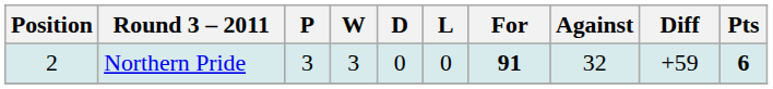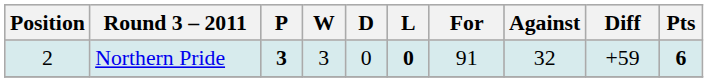 <table class="wikitable" style="text-align:center; font-size:85%;">
 <tr>
 <th width=40 abbr="Position">Position</th>
 <th width=100>Round 3 – 2011</th>
 <th width=20 abbr="Played">P</th>
 <th width=20 abbr="Won">W</th>
 <th width=20 abbr="Drawn">D</th>
 <th width=20 abbr="Lost">L</th>
 <th width=40 abbr="Points for">For</th>
 <th width=40 abbr="Points against">Against</th>
 <th width=40 abbr="Points difference">Diff</th>
 <th width=20 abbr="Points">Pts</th>
 </tr>
 <tr style="background: #d7ebed;">
 <td>2</td>
 <td style="text-align:left;"> <a href='#'>Northern Pride</a></td>
-<td>3</td>
+<td><strong>3</strong></td>
 <td>3</td>
 <td>0</td>
-<td>0</td>
-<td><strong>91</strong></td>
+<td><strong>0</strong></td>
+<td>91</td>
 <td>32</td>
 <td>+59</td>
 <td><strong>6</strong></td>
 </tr>
 <tr>
 </tr>
 </table>
